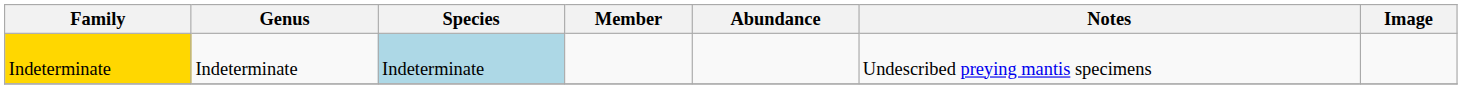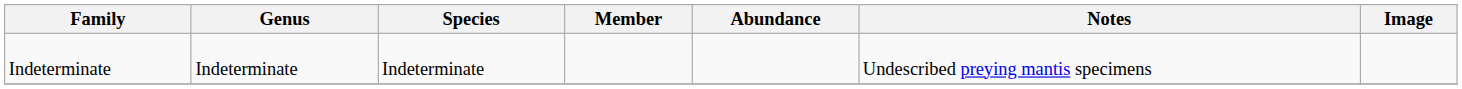 <table class="wikitable" style="margin:auto;width:100%;">
 <tr>
 <th>Family</th>
 <th>Genus</th>
 <th>Species</th>
 <th>Member</th>
 <th>Abundance</th>
 <th>Notes</th>
 <th>Image</th>
 </tr>
 <tr>
-<td style="background: gold;"><br>Indeterminate</td>
 <td><br>Indeterminate</td>
-<td style="background: lightblue;"><br>Indeterminate</td>
+<td><br>Indeterminate</td>
+<td><br>Indeterminate</td>
 <td></td>
 <td></td>
 <td><br>Undescribed <a href='#'>preying mantis</a> specimens</td>
 <td><br></td>
 </tr>
 <tr>
 </tr>
 </table>
